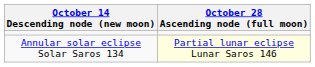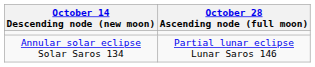 <table class="wikitable">
 <tr>
 <th><a href='#'>October 14</a><br>Descending node (new moon)<br></th>
 <th><a href='#'>October 28</a><br>Ascending node (full moon)<br></th>
 </tr>
 <tr>
 <td></td>
 <td></td>
 </tr>
 <tr align=center>
 <td><a href='#'>Annular solar eclipse</a><br>Solar Saros 134</td>
-<td style="background: lightyellow;"><a href='#'>Partial lunar eclipse</a><br>Lunar Saros 146</td>
+<td><a href='#'>Partial lunar eclipse</a><br>Lunar Saros 146</td>
 </tr>
 </table>
